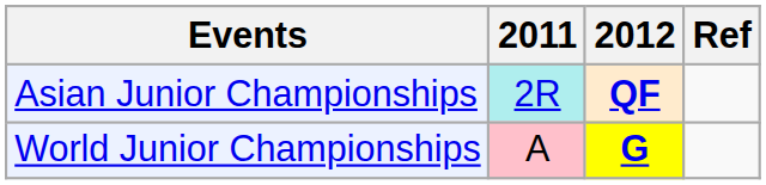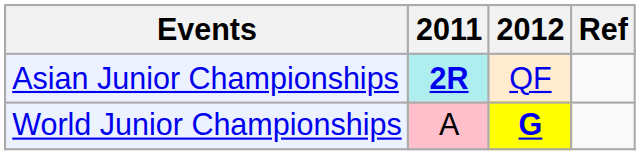 <table class="wikitable" style="font-size: 90%; text-align:center">
 <tr>
 <th>Events</th>
 <th>2011</th>
 <th>2012</th>
 <th>Ref</th>
 </tr>
 <tr>
 <td bgcolor="#ECF2FF"; align="left"><a href='#'>Asian Junior Championships</a></td>
-<td bgcolor=AFEEEE><a href='#'>2R</a></td>
-<td bgcolor=FFEBCD><strong><a href='#'>QF</a></strong></td>
+<td bgcolor=AFEEEE><strong><a href='#'>2R</a></strong></td>
+<td bgcolor=FFEBCD><a href='#'>QF</a></td>
 </tr>
 <tr>
 <td bgcolor="#ECF2FF"; align="left"><a href='#'>World Junior Championships</a></td>
 <td style="background: pink;">A</td>
 <td bgcolor=FFFF00><a href='#'><strong>G</strong></a></td>
 <td></td>
 </tr>
 </table>
